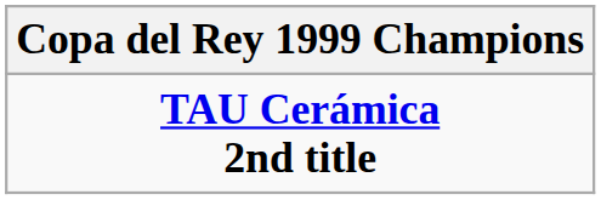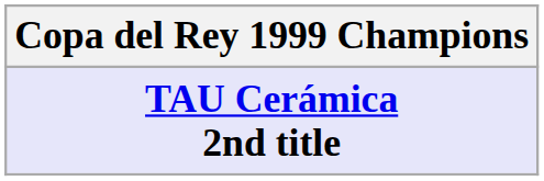 <table class=wikitable style="text-align:center; margin:auto">
 <tr>
 <th>Copa del Rey 1999 Champions</th>
 </tr>
 <tr>
-<td><strong><a href='#'>TAU Cerámica</a></strong> <br> <strong>2nd title</strong></td>
+<td style="background: lavender;"><strong><a href='#'>TAU Cerámica</a></strong> <br> <strong>2nd title</strong></td>
 </tr>
 </table>
